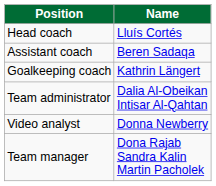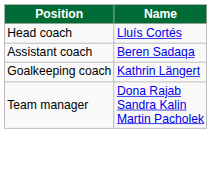 <table class="wikitable">
 <tr>
 <th style="background:#006C35; color:white; ">Position</th>
 <th style="background:#006C35; color:white; ">Name</th>
 </tr>
 <tr>
 <td>Head coach</td>
 <td> <a href='#'>Lluís Cortés</a></td>
 </tr>
 <tr>
 <td>Assistant coach</td>
 <td> <a href='#'>Beren Sadaqa</a><br></td>
 </tr>
 <tr>
 <td>Goalkeeping coach</td>
 <td> <a href='#'>Kathrin Längert</a><br></td>
 </tr>
 <tr>
-<td>Team administrator</td>
-<td> <a href='#'>Dalia Al-Obeikan</a><br> <a href='#'>Intisar Al-Qahtan</a><br></td>
-</tr>
-<tr>
-<td>Video analyst</td>
-<td> <a href='#'>Donna Newberry</a></td>
-</tr>
-<tr>
 <td>Team manager</td>
 <td> <a href='#'>Dona Rajab</a><br> <a href='#'>Sandra Kalin</a><br> <a href='#'>Martin Pacholek</a></td>
 </tr>
 </table>
